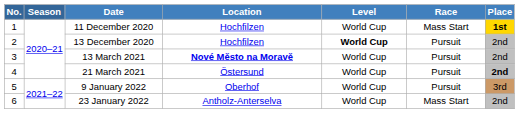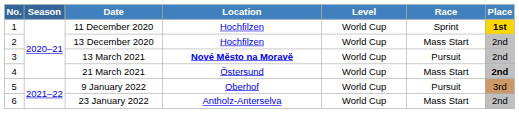 <table class="wikitable sortable" style="font-size:95%; text-align:center; border:grey solid 1px; border-collapse:collapse; background:#ffffff;">
 <tr style="background:#efefef;">
 <th style="background-color:#369; color:white;">No.</th>
 <th style="background-color:#369; color:white;">Season</th>
 <th style="background-color:#4180be; color:white; width:150px;">Date</th>
 <th style="background-color:#4180be; color:white; width:250px;">Location</th>
 <th style="background-color:#4180be; color:white; width:130px;">Level</th>
 <th style="background-color:#4180be; color:white; width:120px;">Race</th>
 <th style="background-color:#4180be; color:white;">Place</th>
 </tr>
 <tr>
 <td align=center>1</td>
 <td rowspan="4" align="center"><a href='#'>2020–21</a></td>
 <td>11 December 2020</td>
 <td> <a href='#'>Hochfilzen</a></td>
 <td>World Cup</td>
-<td>Mass Start</td>
+<td>Sprint</td>
 <td align=center bgcolor="gold"><strong>1st</strong></td>
 </tr>
 <tr>
 <td>2</td>
 <td>13 December 2020</td>
 <td> <a href='#'>Hochfilzen</a></td>
-<td><strong>World Cup</strong></td>
-<td>Pursuit</td>
+<td>World Cup</td>
+<td>Mass Start</td>
 <td align=center bgcolor="silver">2nd</td>
 </tr>
 <tr>
 <td>3</td>
 <td>13 March 2021</td>
 <td><strong> <a href='#'>Nové Město na Moravě</a></strong></td>
 <td>World Cup</td>
 <td>Pursuit</td>
 <td align=center bgcolor="silver">2nd</td>
 </tr>
 <tr>
 <td>4</td>
 <td>21 March 2021</td>
 <td> <a href='#'>Östersund</a></td>
 <td>World Cup</td>
-<td>Pursuit</td>
+<td>Mass Start</td>
 <td align=center bgcolor="silver"><strong>2nd</strong></td>
 </tr>
 <tr>
 <td>5</td>
 <td rowspan="2" align="center"><a href='#'>2021–22</a></td>
 <td>9 January 2022</td>
 <td> <a href='#'>Oberhof</a></td>
 <td>World Cup</td>
 <td>Pursuit</td>
 <td align=center bgcolor="cc9966">3rd</td>
 </tr>
 <tr>
 <td>6</td>
 <td>23 January 2022</td>
 <td> <a href='#'>Antholz-Anterselva</a></td>
 <td>World Cup</td>
 <td>Mass Start</td>
 <td align=center bgcolor="silver">2nd</td>
 </tr>
 </table>
